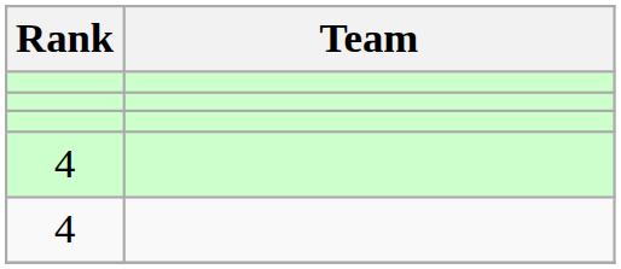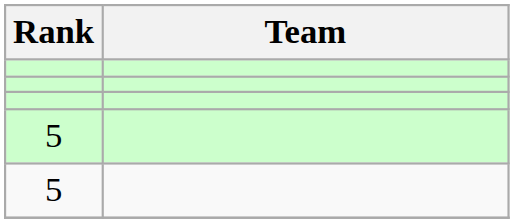 <table class=wikitable style="text-align:center;">
 <tr>
 <th>Rank</th>
 <th width=180>Team</th>
 </tr>
 <tr bgcolor=#CCFFCC>
 <td></td>
 <td align=left></td>
 </tr>
 <tr bgcolor=#CCFFCC>
 <td></td>
 <td align=left></td>
 </tr>
 <tr bgcolor=#CCFFCC>
 <td></td>
 <td align=left></td>
 </tr>
 <tr bgcolor=#CCFFCC>
-<td>4</td>
+<td>5</td>
 <td align=left></td>
 </tr>
 <tr>
-<td>4</td>
+<td>5</td>
 <td align=left></td>
 </tr>
 <tr>
 </tr>
 </table>
